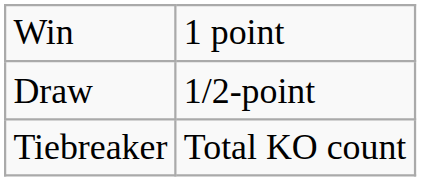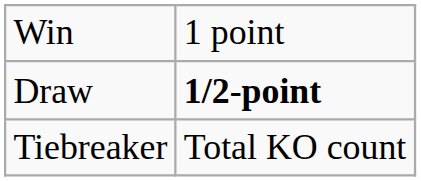 <table class="wikitable">
 <tr>
 <td>Win</td>
 <td>1 point</td>
 </tr>
 <tr>
 <td>Draw</td>
-<td>1/2-point</td>
+<td><strong>1/2-point</strong></td>
 </tr>
 <tr>
 <td>Tiebreaker</td>
 <td>Total KO count</td>
 </tr>
 </table>
